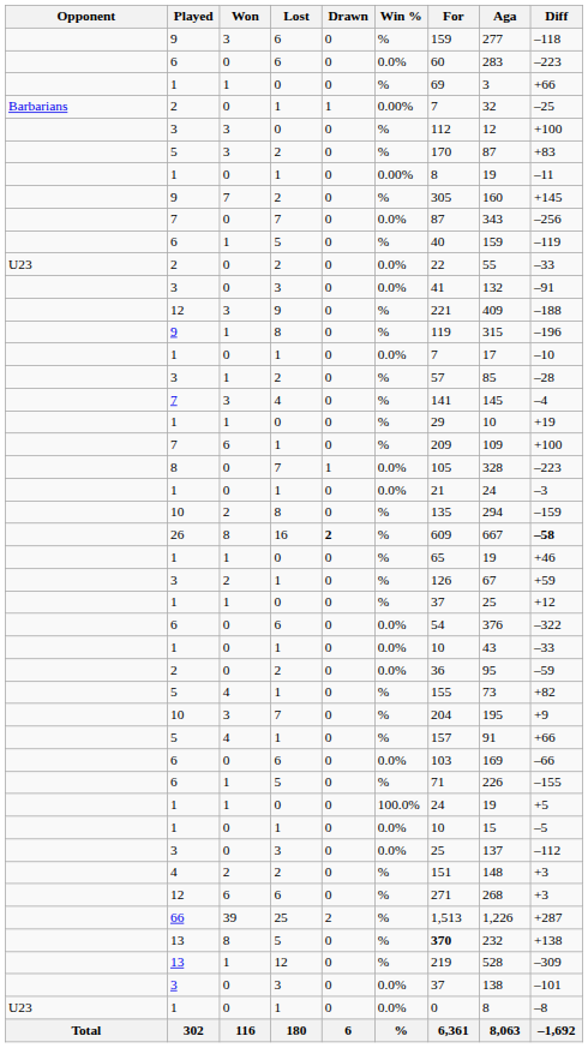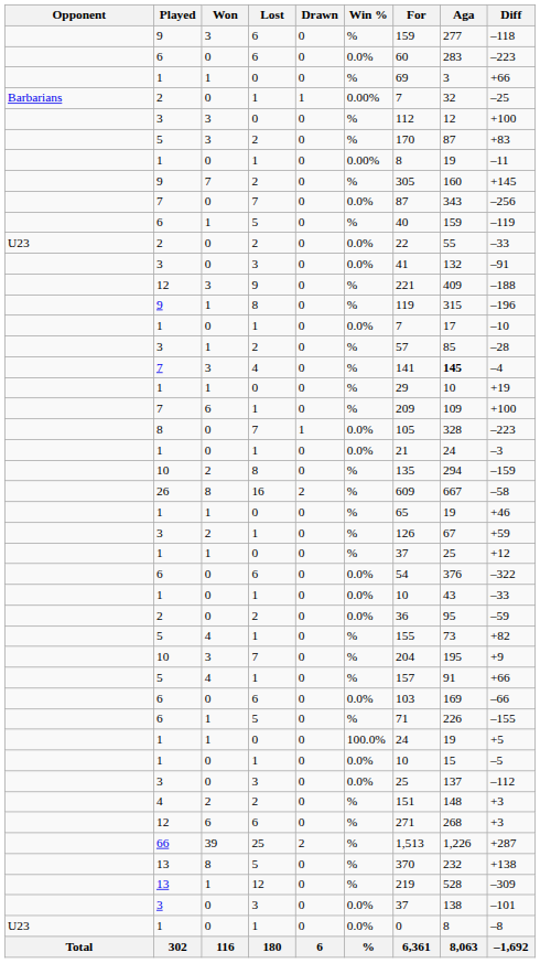 <table class="wikitable sortable" style=font-size:90%>
 <tr>
 <th style=width:180px>Opponent</th>
 <th style=width:50px>Played</th>
 <th style=width:50px>Won</th>
 <th style=width:50px>Lost</th>
 <th style=width:50px>Drawn</th>
 <th style=width:50px>Win %</th>
 <th style=width:50px>For</th>
 <th style=width:50px>Aga</th>
 <th style=width:50px>Diff</th>
 </tr>
 <tr>
 <td></td>
 <td>9</td>
 <td>3</td>
 <td>6</td>
 <td>0</td>
 <td>%</td>
 <td>159</td>
 <td>277</td>
 <td>–118</td>
 </tr>
 <tr>
 <td></td>
 <td>6</td>
 <td>0</td>
 <td>6</td>
 <td>0</td>
 <td>0.0%</td>
 <td>60</td>
 <td>283</td>
 <td>–223</td>
 </tr>
 <tr>
 <td></td>
 <td>1</td>
 <td>1</td>
 <td>0</td>
 <td>0</td>
 <td>%</td>
 <td>69</td>
 <td>3</td>
 <td>+66</td>
 </tr>
 <tr>
 <td><a href='#'>Barbarians</a></td>
 <td>2</td>
 <td>0</td>
 <td>1</td>
 <td>1</td>
 <td>0.00%</td>
 <td>7</td>
 <td>32</td>
 <td>–25</td>
 </tr>
 <tr>
 <td></td>
 <td>3</td>
 <td>3</td>
 <td>0</td>
 <td>0</td>
 <td>%</td>
 <td>112</td>
 <td>12</td>
 <td>+100</td>
 </tr>
 <tr>
 <td></td>
 <td>5</td>
 <td>3</td>
 <td>2</td>
 <td>0</td>
 <td>%</td>
 <td>170</td>
 <td>87</td>
 <td>+83</td>
 </tr>
 <tr>
 <td></td>
 <td>1</td>
 <td>0</td>
 <td>1</td>
 <td>0</td>
 <td>0.00%</td>
 <td>8</td>
 <td>19</td>
 <td>–11</td>
 </tr>
 <tr>
 <td></td>
 <td>9</td>
 <td>7</td>
 <td>2</td>
 <td>0</td>
 <td>%</td>
 <td>305</td>
 <td>160</td>
 <td>+145</td>
 </tr>
 <tr>
 <td></td>
 <td>7</td>
 <td>0</td>
 <td>7</td>
 <td>0</td>
 <td>0.0%</td>
 <td>87</td>
 <td>343</td>
 <td>–256</td>
 </tr>
 <tr>
 <td></td>
 <td>6</td>
 <td>1</td>
 <td>5</td>
 <td>0</td>
 <td>%</td>
 <td>40</td>
 <td>159</td>
 <td>–119</td>
 </tr>
 <tr>
 <td> U23</td>
 <td>2</td>
 <td>0</td>
 <td>2</td>
 <td>0</td>
 <td>0.0%</td>
 <td>22</td>
 <td>55</td>
 <td>–33</td>
 </tr>
 <tr>
 <td></td>
 <td>3</td>
 <td>0</td>
 <td>3</td>
 <td>0</td>
 <td>0.0%</td>
 <td>41</td>
 <td>132</td>
 <td>–91</td>
 </tr>
 <tr>
 <td></td>
 <td>12</td>
 <td>3</td>
 <td>9</td>
 <td>0</td>
 <td>%</td>
 <td>221</td>
 <td>409</td>
 <td>–188</td>
 </tr>
 <tr>
 <td></td>
 <td><a href='#'>9</a></td>
 <td>1</td>
 <td>8</td>
 <td>0</td>
 <td>%</td>
 <td>119</td>
 <td>315</td>
 <td>–196</td>
 </tr>
 <tr>
 <td></td>
 <td>1</td>
 <td>0</td>
 <td>1</td>
 <td>0</td>
 <td>0.0%</td>
 <td>7</td>
 <td>17</td>
 <td>–10</td>
 </tr>
 <tr>
 <td></td>
 <td>3</td>
 <td>1</td>
 <td>2</td>
 <td>0</td>
 <td>%</td>
 <td>57</td>
 <td>85</td>
 <td>–28</td>
 </tr>
 <tr>
 <td></td>
 <td><a href='#'>7</a></td>
 <td>3</td>
 <td>4</td>
 <td>0</td>
 <td>%</td>
 <td>141</td>
-<td>145</td>
+<td><strong>145</strong></td>
 <td>–4</td>
 </tr>
 <tr>
 <td></td>
 <td>1</td>
 <td>1</td>
 <td>0</td>
 <td>0</td>
 <td>%</td>
 <td>29</td>
 <td>10</td>
 <td>+19</td>
 </tr>
 <tr>
 <td></td>
 <td>7</td>
 <td>6</td>
 <td>1</td>
 <td>0</td>
 <td>%</td>
 <td>209</td>
 <td>109</td>
 <td>+100</td>
 </tr>
 <tr>
 <td></td>
 <td>8</td>
 <td>0</td>
 <td>7</td>
 <td>1</td>
 <td>0.0%</td>
 <td>105</td>
 <td>328</td>
 <td>–223</td>
 </tr>
 <tr>
 <td></td>
 <td>1</td>
 <td>0</td>
 <td>1</td>
 <td>0</td>
 <td>0.0%</td>
 <td>21</td>
 <td>24</td>
 <td>–3</td>
 </tr>
 <tr>
 <td></td>
 <td>10</td>
 <td>2</td>
 <td>8</td>
 <td>0</td>
 <td>%</td>
 <td>135</td>
 <td>294</td>
 <td>–159</td>
 </tr>
 <tr>
 <td></td>
 <td>26</td>
 <td>8</td>
 <td>16</td>
-<td><strong>2</strong></td>
+<td>2</td>
 <td>%</td>
 <td>609</td>
 <td>667</td>
-<td><strong>–58</strong></td>
+<td>–58</td>
 </tr>
 <tr>
 <td></td>
 <td>1</td>
 <td>1</td>
 <td>0</td>
 <td>0</td>
 <td>%</td>
 <td>65</td>
 <td>19</td>
 <td>+46</td>
 </tr>
 <tr>
 <td></td>
 <td>3</td>
 <td>2</td>
 <td>1</td>
 <td>0</td>
 <td>%</td>
 <td>126</td>
 <td>67</td>
 <td>+59</td>
 </tr>
 <tr>
 <td></td>
 <td>1</td>
 <td>1</td>
 <td>0</td>
 <td>0</td>
 <td>%</td>
 <td>37</td>
 <td>25</td>
 <td>+12</td>
 </tr>
 <tr>
 <td></td>
 <td>6</td>
 <td>0</td>
 <td>6</td>
 <td>0</td>
 <td>0.0%</td>
 <td>54</td>
 <td>376</td>
 <td>–322</td>
 </tr>
 <tr>
 <td></td>
 <td>1</td>
 <td>0</td>
 <td>1</td>
 <td>0</td>
 <td>0.0%</td>
 <td>10</td>
 <td>43</td>
 <td>–33</td>
 </tr>
 <tr>
 <td></td>
 <td>2</td>
 <td>0</td>
 <td>2</td>
 <td>0</td>
 <td>0.0%</td>
 <td>36</td>
 <td>95</td>
 <td>–59</td>
 </tr>
 <tr>
 <td></td>
 <td>5</td>
 <td>4</td>
 <td>1</td>
 <td>0</td>
 <td>%</td>
 <td>155</td>
 <td>73</td>
 <td>+82</td>
 </tr>
 <tr>
 <td></td>
 <td>10</td>
 <td>3</td>
 <td>7</td>
 <td>0</td>
 <td>%</td>
 <td>204</td>
 <td>195</td>
 <td>+9</td>
 </tr>
 <tr>
 <td></td>
 <td>5</td>
 <td>4</td>
 <td>1</td>
 <td>0</td>
 <td>%</td>
 <td>157</td>
 <td>91</td>
 <td>+66</td>
 </tr>
 <tr>
 <td></td>
 <td>6</td>
 <td>0</td>
 <td>6</td>
 <td>0</td>
 <td>0.0%</td>
 <td>103</td>
 <td>169</td>
 <td>–66</td>
 </tr>
 <tr>
 <td></td>
 <td>6</td>
 <td>1</td>
 <td>5</td>
 <td>0</td>
 <td>%</td>
 <td>71</td>
 <td>226</td>
 <td>–155</td>
 </tr>
 <tr>
 <td></td>
 <td>1</td>
 <td>1</td>
 <td>0</td>
 <td>0</td>
 <td>100.0%</td>
 <td>24</td>
 <td>19</td>
 <td>+5</td>
 </tr>
 <tr>
 <td></td>
 <td>1</td>
 <td>0</td>
 <td>1</td>
 <td>0</td>
 <td>0.0%</td>
 <td>10</td>
 <td>15</td>
 <td>–5</td>
 </tr>
 <tr>
 <td></td>
 <td>3</td>
 <td>0</td>
 <td>3</td>
 <td>0</td>
 <td>0.0%</td>
 <td>25</td>
 <td>137</td>
 <td>–112</td>
 </tr>
 <tr>
 <td></td>
 <td>4</td>
 <td>2</td>
 <td>2</td>
 <td>0</td>
 <td>%</td>
 <td>151</td>
 <td>148</td>
 <td>+3</td>
 </tr>
 <tr>
 <td></td>
 <td>12</td>
 <td>6</td>
 <td>6</td>
 <td>0</td>
 <td>%</td>
 <td>271</td>
 <td>268</td>
 <td>+3</td>
 </tr>
 <tr>
 <td></td>
 <td><a href='#'>66</a></td>
 <td>39</td>
 <td>25</td>
 <td>2</td>
 <td>%</td>
 <td>1,513</td>
 <td>1,226</td>
 <td>+287</td>
 </tr>
 <tr>
 <td></td>
 <td>13</td>
 <td>8</td>
 <td>5</td>
 <td>0</td>
 <td>%</td>
-<td><strong>370</strong></td>
+<td>370</td>
 <td>232</td>
 <td>+138</td>
 </tr>
 <tr>
 <td></td>
 <td><a href='#'>13</a></td>
 <td>1</td>
 <td>12</td>
 <td>0</td>
 <td>%</td>
 <td>219</td>
 <td>528</td>
 <td>–309</td>
 </tr>
 <tr>
 <td></td>
 <td><a href='#'>3</a></td>
 <td>0</td>
 <td>3</td>
 <td>0</td>
 <td>0.0%</td>
 <td>37</td>
 <td>138</td>
 <td>–101</td>
 </tr>
 <tr>
 <td> U23</td>
 <td>1</td>
 <td>0</td>
 <td>1</td>
 <td>0</td>
 <td>0.0%</td>
 <td>0</td>
 <td>8</td>
 <td>–8</td>
 </tr>
 <tr class=sortbottom>
 <th>Total</th>
 <th>302</th>
 <th>116</th>
 <th>180</th>
 <th>6</th>
 <th>%</th>
 <th>6,361</th>
 <th>8,063</th>
 <th>–1,692</th>
 </tr>
 </table>
